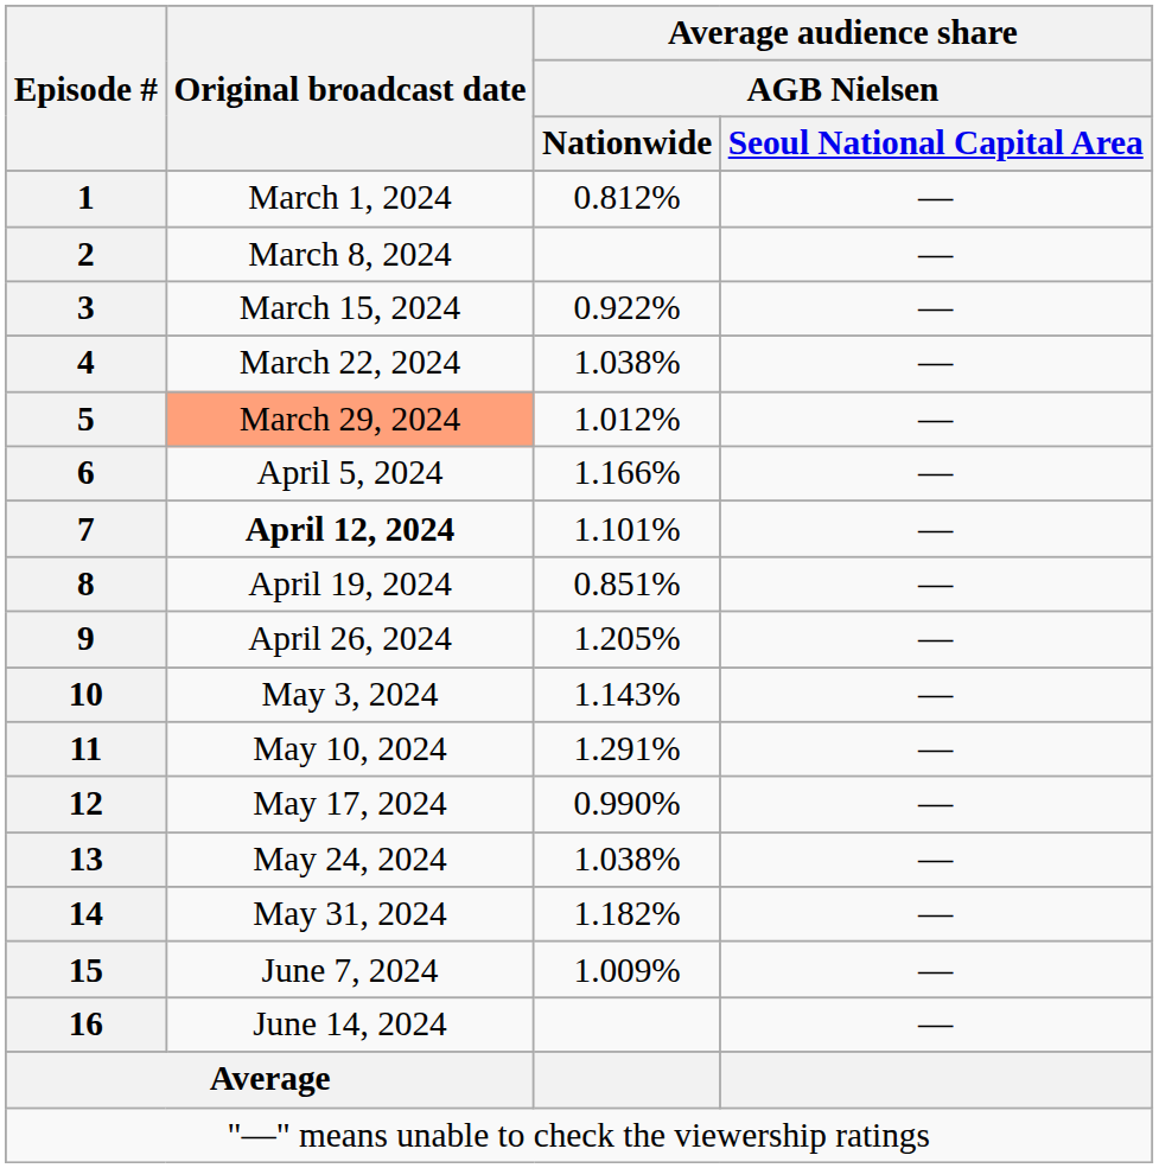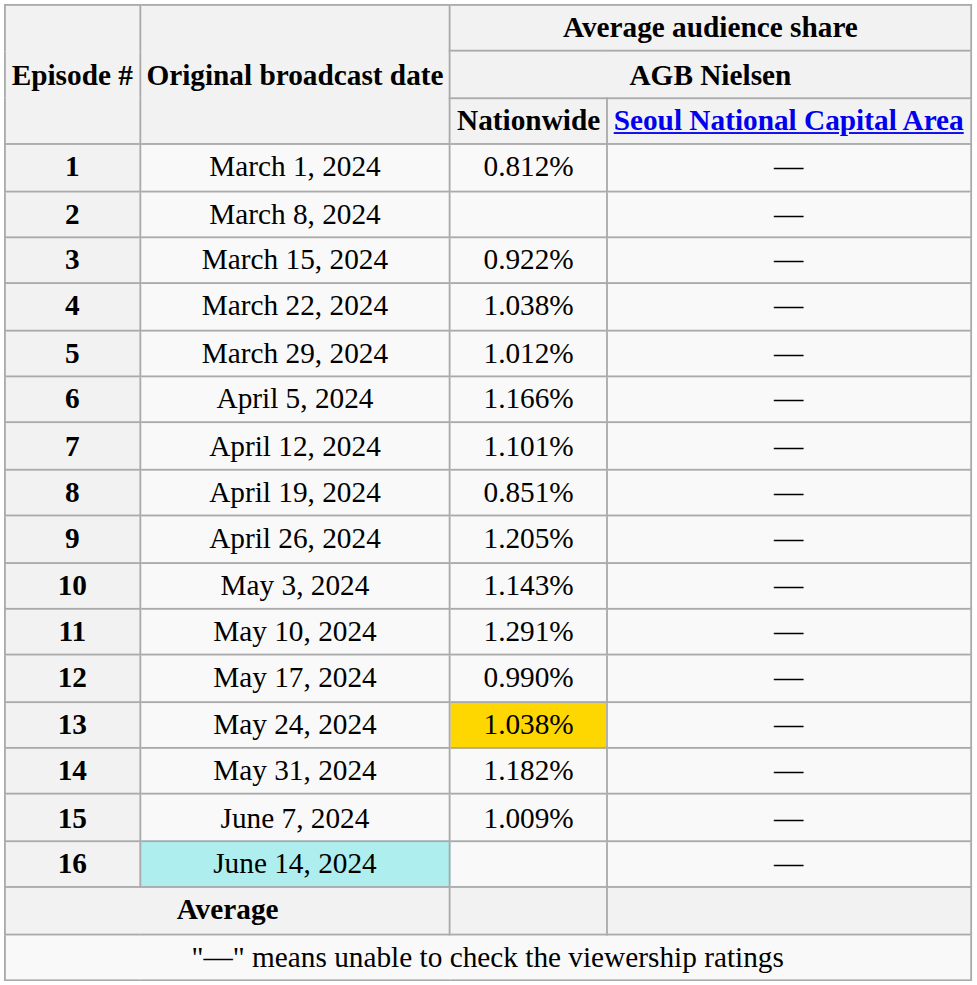 <table class=wikitable style="text-align:center">
 <tr>
 <th scope="col" rowspan="3">Episode #</th>
 <th scope="col" rowspan="3">Original broadcast date</th>
 <th scope="col" colspan="4">Average audience share</th>
 </tr>
 <tr>
 <th scope="col" colspan="2">AGB Nielsen</th>
 </tr>
 <tr>
 <th scope="col" style="width:100">Nationwide</th>
 <th scope="col" style="width:100"><a href='#'>Seoul National Capital Area</a></th>
 </tr>
 <tr>
 <th scope="row">1</th>
 <td>March 1, 2024</td>
 <td>0.812%</td>
 <td>—</td>
 </tr>
 <tr>
 <th scope="row">2</th>
 <td>March 8, 2024</td>
 <td></td>
 <td>—</td>
 </tr>
 <tr>
 <th scope="row">3</th>
 <td>March 15, 2024</td>
 <td>0.922%</td>
 <td>—</td>
 </tr>
 <tr>
 <th scope="row">4</th>
 <td>March 22, 2024</td>
 <td>1.038%</td>
 <td>—</td>
 </tr>
 <tr>
 <th scope="row">5</th>
-<td style="background: lightsalmon;">March 29, 2024</td>
+<td>March 29, 2024</td>
 <td>1.012%</td>
 <td>—</td>
 </tr>
 <tr>
 <th scope="row">6</th>
 <td>April 5, 2024</td>
 <td>1.166%</td>
 <td>—</td>
 </tr>
 <tr>
 <th scope="row">7</th>
-<td><strong>April 12, 2024</strong></td>
+<td>April 12, 2024</td>
 <td>1.101%</td>
 <td>—</td>
 </tr>
 <tr>
 <th scope="row">8</th>
 <td>April 19, 2024</td>
 <td>0.851%</td>
 <td>—</td>
 </tr>
 <tr>
 <th scope="row">9</th>
 <td>April 26, 2024</td>
 <td>1.205%</td>
 <td>—</td>
 </tr>
 <tr>
 <th scope="row">10</th>
 <td>May 3, 2024</td>
 <td>1.143%</td>
 <td>—</td>
 </tr>
 <tr>
 <th scope="row">11</th>
 <td>May 10, 2024</td>
 <td>1.291%</td>
 <td>—</td>
 </tr>
 <tr>
 <th scope="row">12</th>
 <td>May 17, 2024</td>
 <td>0.990%</td>
 <td>—</td>
 </tr>
 <tr>
 <th scope="row">13</th>
 <td>May 24, 2024</td>
-<td>1.038%</td>
+<td style="background: gold;">1.038%</td>
 <td>—</td>
 </tr>
 <tr>
 <th scope="row">14</th>
 <td>May 31, 2024</td>
 <td>1.182%</td>
 <td>—</td>
 </tr>
 <tr>
 <th scope="row">15</th>
 <td>June 7, 2024</td>
 <td>1.009%</td>
 <td>—</td>
 </tr>
 <tr>
 <th scope="row">16</th>
-<td>June 14, 2024</td>
+<td style="background: paleturquoise;">June 14, 2024</td>
 <td></td>
 <td>—</td>
 </tr>
 <tr>
 <th scope="row" colspan="2">Average</th>
 <th></th>
 <th></th>
 </tr>
 <tr>
 <td colspan="5">"—" means unable to check the viewership ratings</td>
 </tr>
 </table>
